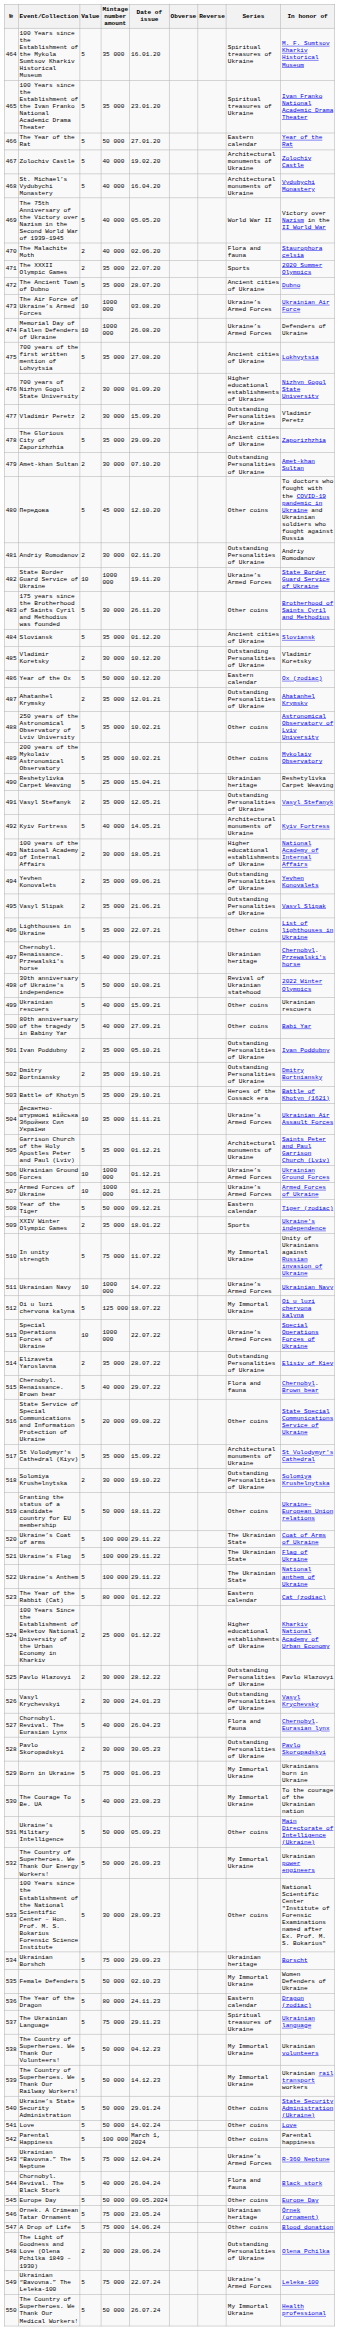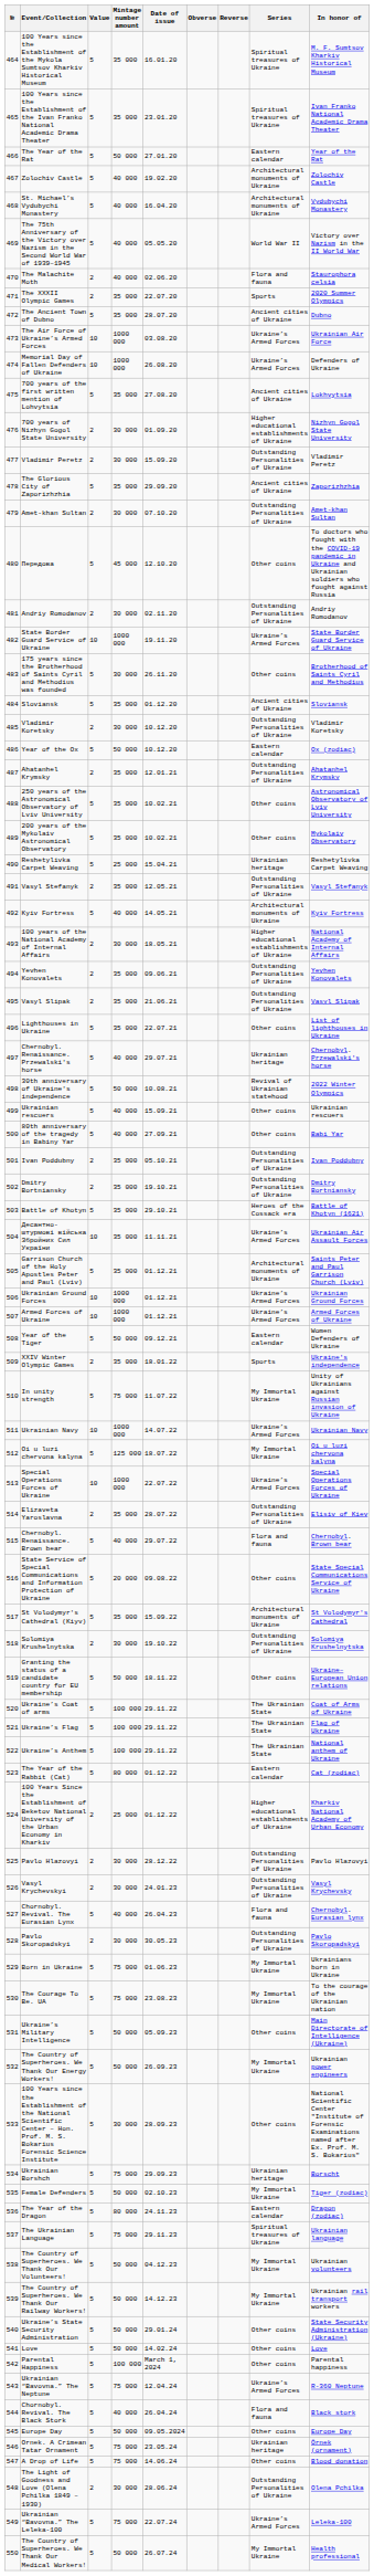 <table class="wikitable sortable" border="1">
 <tr>
 <th>№</th>
 <th>Event/Collection</th>
 <th>Value</th>
 <th>Mintage number amount</th>
 <th>Date of issue</th>
 <th>Obverse</th>
 <th>Reverse</th>
 <th>Series</th>
 <th>In honor of</th>
 </tr>
 <tr>
 <td>464</td>
 <td>100 Years since the Establishment of the Mykola Sumtsov Kharkiv Historical Museum</td>
 <td>5</td>
 <td>35 000</td>
 <td>16.01.20</td>
 <td></td>
 <td></td>
 <td>Spiritual treasures of Ukraine</td>
 <td><a href='#'>M. F. Sumtsov Kharkiv Historical Museum</a></td>
 </tr>
 <tr>
 <td>465</td>
 <td>100 Years since the Establishment of the Ivan Franko National Academic Drama Theater</td>
 <td>5</td>
 <td>35 000</td>
 <td>23.01.20</td>
 <td></td>
 <td></td>
 <td>Spiritual treasures of Ukraine</td>
 <td><a href='#'>Ivan Franko National Academic Drama Theater</a></td>
 </tr>
 <tr>
 <td>466</td>
 <td>The Year of the Rat</td>
 <td>5</td>
 <td>50 000</td>
 <td>27.01.20</td>
 <td></td>
 <td></td>
 <td>Eastern calendar</td>
 <td><a href='#'>Year of the Rat</a></td>
 </tr>
 <tr>
 <td>467</td>
 <td>Zolochiv Castle</td>
 <td>5</td>
 <td>40 000</td>
 <td>19.02.20</td>
 <td></td>
 <td></td>
 <td>Architectural monuments of Ukraine</td>
 <td><a href='#'>Zolochiv Castle</a></td>
 </tr>
 <tr>
 <td>468</td>
 <td>St. Michael’s Vydubychi Monastery</td>
 <td>5</td>
 <td>40 000</td>
 <td>16.04.20</td>
 <td></td>
 <td></td>
 <td>Architectural monuments of Ukraine</td>
 <td><a href='#'>Vydubychi Monastery</a></td>
 </tr>
 <tr>
 <td>469</td>
 <td>The 75th Anniversary of the Victory over Nazism in the Second World War of 1939–1945</td>
 <td>5</td>
 <td>40 000</td>
 <td>05.05.20</td>
 <td></td>
 <td></td>
 <td>World War II</td>
 <td>Victory over <a href='#'>Nazism</a> in the <a href='#'>ІІ World War</a></td>
 </tr>
 <tr>
 <td>470</td>
 <td>The Malachite Moth</td>
 <td>2</td>
 <td>40 000</td>
 <td>02.06.20</td>
 <td></td>
 <td></td>
 <td>Flora and fauna</td>
 <td><a href='#'>Staurophora celsia</a></td>
 </tr>
 <tr>
 <td>471</td>
 <td>The ХХXІІ Olympic Games</td>
 <td>2</td>
 <td>35 000</td>
 <td>22.07.20</td>
 <td></td>
 <td></td>
 <td>Sports</td>
 <td><a href='#'>2020 Summer Olympics</a></td>
 </tr>
 <tr>
 <td>472</td>
 <td>The Ancient Town of Dubno</td>
 <td>5</td>
 <td>35 000</td>
 <td>28.07.20</td>
 <td></td>
 <td></td>
 <td>Ancient cities of Ukraine</td>
 <td><a href='#'>Dubno</a></td>
 </tr>
 <tr>
 <td>473</td>
 <td>The Air Force of Ukraine’s Armed Forces</td>
 <td>10</td>
 <td>1000 000</td>
 <td>03.08.20</td>
 <td></td>
 <td></td>
 <td>Ukraine’s Armed Forces</td>
 <td><a href='#'>Ukrainian Air Force</a></td>
 </tr>
 <tr>
 <td>474</td>
 <td>Memorial Day of Fallen Defenders of Ukraine</td>
 <td>10</td>
 <td>1000 000</td>
 <td>26.08.20</td>
 <td></td>
 <td></td>
 <td>Ukraine’s Armed Forces</td>
 <td>Defenders of Ukraine</td>
 </tr>
 <tr>
 <td>475</td>
 <td>700 years of the first written mention of Lohvytsia</td>
 <td>5</td>
 <td>35 000</td>
 <td>27.08.20</td>
 <td></td>
 <td></td>
 <td>Ancient cities of Ukraine</td>
 <td><a href='#'>Lokhvytsia</a></td>
 </tr>
 <tr>
 <td>476</td>
 <td>700 years of Nizhyn Gogol State University</td>
 <td>2</td>
 <td>30 000</td>
 <td>01.09.20</td>
 <td></td>
 <td></td>
 <td>Higher educational establishments of Ukraine</td>
 <td><a href='#'>Nizhyn Gogol State University</a></td>
 </tr>
 <tr>
 <td>477</td>
 <td>Vladimir Peretz</td>
 <td>2</td>
 <td>30 000</td>
 <td>15.09.20</td>
 <td></td>
 <td></td>
 <td>Outstanding Personalities of Ukraine</td>
 <td>Vladimir Peretz</td>
 </tr>
 <tr>
 <td>478</td>
 <td>The Glorious City of Zaporizhzhia</td>
 <td>5</td>
 <td>35 000</td>
 <td>29.09.20</td>
 <td></td>
 <td></td>
 <td>Ancient cities of Ukraine</td>
 <td><a href='#'>Zaporizhzhia</a></td>
 </tr>
 <tr>
 <td>479</td>
 <td>Amet-khan Sultan</td>
 <td>2</td>
 <td>30 000</td>
 <td>07.10.20</td>
 <td></td>
 <td></td>
 <td>Outstanding Personalities of Ukraine</td>
 <td><a href='#'>Amet-khan Sultan</a></td>
 </tr>
 <tr>
 <td>480</td>
 <td>Передова</td>
 <td>5</td>
 <td>45 000</td>
 <td>12.10.20</td>
 <td></td>
 <td></td>
 <td>Other coins</td>
 <td>To doctors who fought with the <a href='#'>COVID-19 pandemic in Ukraine</a> and  Ukrainian soldiers who fought against Russia</td>
 </tr>
 <tr>
 <td>481</td>
 <td>Andriy Romodanov</td>
 <td>2</td>
 <td>30 000</td>
 <td>02.11.20</td>
 <td></td>
 <td></td>
 <td>Outstanding Personalities of Ukraine</td>
 <td>Andriy Romodanov</td>
 </tr>
 <tr>
 <td>482</td>
 <td>State Border Guard Service of Ukraine</td>
 <td>10</td>
 <td>1000 000</td>
 <td>19.11.20</td>
 <td></td>
 <td></td>
 <td>Ukraine’s Armed Forces</td>
 <td><a href='#'>State Border Guard Service of Ukraine</a></td>
 </tr>
 <tr>
 <td>483</td>
 <td>175 years since the Brotherhood of Saints Cyril and Methodius was founded</td>
 <td>5</td>
 <td>30 000</td>
 <td>26.11.20</td>
 <td></td>
 <td></td>
 <td>Other coins</td>
 <td><a href='#'>Brotherhood of Saints Cyril and Methodius</a></td>
 </tr>
 <tr>
 <td>484</td>
 <td>Sloviansk</td>
 <td>5</td>
 <td>35 000</td>
 <td>01.12.20</td>
 <td></td>
 <td></td>
 <td>Ancient cities of Ukraine</td>
 <td><a href='#'>Sloviansk</a></td>
 </tr>
 <tr>
 <td>485</td>
 <td>Vladimir Koretsky</td>
 <td>2</td>
 <td>30 000</td>
 <td>10.12.20</td>
 <td></td>
 <td></td>
 <td>Outstanding Personalities of Ukraine</td>
 <td>Vladimir Koretsky</td>
 </tr>
 <tr>
 <td>486</td>
 <td>Year of the Ox</td>
 <td>5</td>
 <td>50 000</td>
 <td>10.12.20</td>
 <td></td>
 <td></td>
 <td>Eastern calendar</td>
 <td><a href='#'>Ox (zodiac)</a></td>
 </tr>
 <tr>
 <td>487</td>
 <td>Ahatanhel Krymsky</td>
 <td>2</td>
 <td>35 000</td>
 <td>12.01.21</td>
 <td></td>
 <td></td>
 <td>Outstanding Personalities of Ukraine</td>
 <td><a href='#'>Ahatanhel Krymsky</a></td>
 </tr>
 <tr>
 <td>488</td>
 <td>250 years of the Astronomical Observatory of Lviv University</td>
 <td>5</td>
 <td>35 000</td>
 <td>10.02.21</td>
 <td></td>
 <td></td>
 <td>Other coins</td>
 <td><a href='#'>Astronomical Observatory of Lviv University</a></td>
 </tr>
 <tr>
 <td>489</td>
 <td>200 years of the Mykolaiv Astronomical Observatory</td>
 <td>5</td>
 <td>35 000</td>
 <td>10.02.21</td>
 <td></td>
 <td></td>
 <td>Other coins</td>
 <td><a href='#'>Mykolaiv Observatory</a></td>
 </tr>
 <tr>
 <td>490</td>
 <td>Reshetylivka Carpet Weaving</td>
 <td>5</td>
 <td>25 000</td>
 <td>15.04.21</td>
 <td></td>
 <td></td>
 <td>Ukrainian heritage</td>
 <td>Reshetylivka Carpet Weaving</td>
 </tr>
 <tr>
 <td>491</td>
 <td>Vasyl Stefanyk</td>
 <td>2</td>
 <td>35 000</td>
 <td>12.05.21</td>
 <td></td>
 <td></td>
 <td>Outstanding Personalities of Ukraine</td>
 <td><a href='#'>Vasyl Stefanyk</a></td>
 </tr>
 <tr>
 <td>492</td>
 <td>Kyiv Fortress</td>
 <td>5</td>
 <td>40 000</td>
 <td>14.05.21</td>
 <td></td>
 <td></td>
 <td>Architectural monuments of Ukraine</td>
 <td><a href='#'>Kyiv Fortress</a></td>
 </tr>
 <tr>
 <td>493</td>
 <td>100 years of the National Academy of Internal Affairs</td>
 <td>2</td>
 <td>30 000</td>
 <td>18.05.21</td>
 <td></td>
 <td></td>
 <td>Higher educational establishments of Ukraine</td>
 <td><a href='#'>National Academy of Internal Affairs</a></td>
 </tr>
 <tr>
 <td>494</td>
 <td>Yevhen Konovalets</td>
 <td>2</td>
 <td>35 000</td>
 <td>09.06.21</td>
 <td></td>
 <td></td>
 <td>Outstanding Personalities of Ukraine</td>
 <td><a href='#'>Yevhen Konovalets</a></td>
 </tr>
 <tr>
 <td>495</td>
 <td>Vasyl Slipak</td>
 <td>2</td>
 <td>35 000</td>
 <td>21.06.21</td>
 <td></td>
 <td></td>
 <td>Outstanding Personalities of Ukraine</td>
 <td><a href='#'>Vasyl Slipak</a></td>
 </tr>
 <tr>
 <td>496</td>
 <td>Lighthouses in Ukraine</td>
 <td>5</td>
 <td>35 000</td>
 <td>22.07.21</td>
 <td></td>
 <td></td>
 <td>Other coins</td>
 <td><a href='#'>List of lighthouses in Ukraine</a></td>
 </tr>
 <tr>
 <td>497</td>
 <td>Chernobyl. Renaissance. Przewalski's horse</td>
 <td>5</td>
 <td>40 000</td>
 <td>29.07.21</td>
 <td></td>
 <td></td>
 <td>Ukrainian heritage</td>
 <td><a href='#'>Chernobyl</a>. <a href='#'>Przewalski's horse</a></td>
 </tr>
 <tr>
 <td>498</td>
 <td>30th anniversary of Ukraine's independence</td>
 <td>5</td>
 <td>50 000</td>
 <td>10.08.21</td>
 <td></td>
 <td></td>
 <td>Revival of Ukrainian statehood</td>
 <td><a href='#'>2022 Winter Olympics</a></td>
 </tr>
 <tr>
 <td>499</td>
 <td>Ukrainian rescuers</td>
 <td>5</td>
 <td>40 000</td>
 <td>15.09.21</td>
 <td></td>
 <td></td>
 <td>Other coins</td>
 <td>Ukrainian rescuers</td>
 </tr>
 <tr>
 <td>500</td>
 <td>80th anniversary of the tragedy in Babiny Yar</td>
 <td>5</td>
 <td>40 000</td>
 <td>27.09.21</td>
 <td></td>
 <td></td>
 <td>Other coins</td>
 <td><a href='#'>Babi Yar</a></td>
 </tr>
 <tr>
 <td>501</td>
 <td>Ivan Poddubny</td>
 <td>2</td>
 <td>35 000</td>
 <td>05.10.21</td>
 <td></td>
 <td></td>
 <td>Outstanding Personalities of Ukraine</td>
 <td><a href='#'>Ivan Poddubny</a></td>
 </tr>
 <tr>
 <td>502</td>
 <td>Dmitry Bortniansky</td>
 <td>2</td>
 <td>35 000</td>
 <td>19.10.21</td>
 <td></td>
 <td></td>
 <td>Outstanding Personalities of Ukraine</td>
 <td><a href='#'>Dmitry Bortniansky</a></td>
 </tr>
 <tr>
 <td>503</td>
 <td>Battle of Khotyn</td>
 <td>5</td>
 <td>35 000</td>
 <td>29.10.21</td>
 <td></td>
 <td></td>
 <td>Heroes of the Cossack era</td>
 <td><a href='#'>Battle of Khotyn (1621)</a></td>
 </tr>
 <tr>
 <td>504</td>
 <td>Десантно-штурмові війська Збройних Сил України</td>
 <td>10</td>
 <td>35 000</td>
 <td>11.11.21</td>
 <td></td>
 <td></td>
 <td>Ukraine’s Armed Forces</td>
 <td><a href='#'>Ukrainian Air Assault Forces</a></td>
 </tr>
 <tr>
 <td>505</td>
 <td>Garrison Church of the Holy Apostles Peter and Paul (Lviv)</td>
 <td>5</td>
 <td>35 000</td>
 <td>01.12.21</td>
 <td></td>
 <td></td>
 <td>Architectural monuments of Ukraine</td>
 <td><a href='#'>Saints Peter and Paul Garrison Church (Lviv)</a></td>
 </tr>
 <tr>
 <td>506</td>
 <td>Ukrainian Ground Forces</td>
 <td>10</td>
 <td>1000 000</td>
 <td>01.12.21</td>
 <td></td>
 <td></td>
 <td>Ukraine’s Armed Forces</td>
 <td><a href='#'>Ukrainian Ground Forces</a></td>
 </tr>
 <tr>
 <td>507</td>
 <td>Armed Forces of Ukraine</td>
 <td>10</td>
 <td>1000 000</td>
 <td>01.12.21</td>
 <td></td>
 <td></td>
 <td>Ukraine’s Armed Forces</td>
 <td><a href='#'>Armed Forces of Ukraine</a></td>
 </tr>
 <tr>
 <td>508</td>
 <td>Year of the Tiger</td>
 <td>5</td>
 <td>50 000</td>
 <td>09.12.21</td>
 <td></td>
 <td></td>
 <td>Eastern calendar</td>
-<td><a href='#'>Tiger (zodiac)</a></td>
+<td>Women Defenders of Ukraine</td>
 </tr>
 <tr>
 <td>509</td>
 <td>XXIV Winter Olympic Games</td>
 <td>2</td>
 <td>35 000</td>
 <td>18.01.22</td>
 <td></td>
 <td></td>
 <td>Sports</td>
 <td><a href='#'>Ukraine's independence</a></td>
 </tr>
 <tr>
 <td>510</td>
 <td>In unity strength</td>
 <td>5</td>
 <td>75 000</td>
 <td>11.07.22</td>
 <td></td>
 <td></td>
 <td>My Immortal Ukraine</td>
 <td>Unity of Ukrainians against <a href='#'>Russian invasion of Ukraine</a></td>
 </tr>
 <tr>
 <td>511</td>
 <td>Ukrainian Navy</td>
 <td>10</td>
 <td>1000 000</td>
 <td>14.07.22</td>
 <td></td>
 <td></td>
 <td>Ukraine’s Armed Forces</td>
 <td><a href='#'>Ukrainian Navy</a></td>
 </tr>
 <tr>
 <td>512</td>
 <td>Oi u luzi chervona kalyna</td>
 <td>5</td>
 <td>125 000</td>
 <td>18.07.22</td>
 <td></td>
 <td></td>
 <td>My Immortal Ukraine</td>
 <td><a href='#'>Oi u luzi chervona kalyna</a></td>
 </tr>
 <tr>
 <td>513</td>
 <td>Special Operations Forces of Ukraine</td>
 <td>10</td>
 <td>1000 000</td>
 <td>22.07.22</td>
 <td></td>
 <td></td>
 <td>Ukraine’s Armed Forces</td>
 <td><a href='#'>Special Operations Forces of Ukraine</a></td>
 </tr>
 <tr>
 <td>514</td>
 <td>Elizaveta Yaroslavna</td>
 <td>2</td>
 <td>35 000</td>
 <td>28.07.22</td>
 <td></td>
 <td></td>
 <td>Outstanding Personalities of Ukraine</td>
 <td><a href='#'>Elisiv of Kiev</a></td>
 </tr>
 <tr>
 <td>515</td>
 <td>Chernobyl. Renaissance.  Brown bear</td>
 <td>5</td>
 <td>40 000</td>
 <td>29.07.22</td>
 <td></td>
 <td></td>
 <td>Flora and fauna</td>
 <td><a href='#'>Chernobyl</a>. <a href='#'>Brown bear</a></td>
 </tr>
 <tr>
 <td>516</td>
 <td>State Service of Special Communications and Information Protection of Ukraine</td>
 <td>5</td>
 <td>20 000</td>
 <td>09.08.22</td>
 <td></td>
 <td></td>
 <td>Other coins</td>
 <td><a href='#'>State Special Communications Service of Ukraine</a></td>
 </tr>
 <tr>
 <td>517</td>
 <td>St Volodymyr's Cathedral (Kiyv)</td>
 <td>5</td>
 <td>35 000</td>
 <td>15.09.22</td>
 <td></td>
 <td></td>
 <td>Architectural monuments of Ukraine</td>
 <td><a href='#'>St Volodymyr's Cathedral</a></td>
 </tr>
 <tr>
 <td>518</td>
 <td>Solomiya Krushelnytska</td>
 <td>2</td>
 <td>30 000</td>
 <td>19.10.22</td>
 <td></td>
 <td></td>
 <td>Outstanding Personalities of Ukraine</td>
 <td><a href='#'>Solomiya Krushelnytska</a></td>
 </tr>
 <tr>
 <td>519</td>
 <td>Granting the status of a candidate country for EU membership</td>
 <td>5</td>
 <td>50 000</td>
 <td>18.11.22</td>
 <td></td>
 <td></td>
 <td>Other coins</td>
 <td><a href='#'>Ukraine–European Union relations</a></td>
 </tr>
 <tr>
 <td>520</td>
 <td>Ukraine’s Coat of arms</td>
 <td>5</td>
 <td>100 000</td>
 <td>29.11.22</td>
 <td></td>
 <td></td>
 <td>The Ukrainian State</td>
 <td><a href='#'>Coat of Arms of Ukraine</a></td>
 </tr>
 <tr>
 <td>521</td>
 <td>Ukraine’s Flag</td>
 <td>5</td>
 <td>100 000</td>
 <td>29.11.22</td>
 <td></td>
 <td></td>
 <td>The Ukrainian State</td>
 <td><a href='#'>Flag of Ukraine</a></td>
 </tr>
 <tr>
 <td>522</td>
 <td>Ukraine’s Anthem</td>
 <td>5</td>
 <td>100 000</td>
 <td>29.11.22</td>
 <td></td>
 <td></td>
 <td>The Ukrainian State</td>
 <td><a href='#'>National anthem of Ukraine</a></td>
 </tr>
 <tr>
 <td>523</td>
 <td>The Year of the Rabbit (Cat)</td>
 <td>5</td>
 <td>80 000</td>
 <td>01.12.22</td>
 <td></td>
 <td></td>
 <td>Eastern calendar</td>
 <td><a href='#'>Cat (zodiac)</a></td>
 </tr>
 <tr>
 <td>524</td>
 <td>100 Years Since the Establishment of Beketov National University of the Urban Economy in Kharkiv</td>
 <td>2</td>
 <td>25 000</td>
 <td>01.12.22</td>
 <td></td>
 <td></td>
 <td>Higher educational establishments of Ukraine</td>
 <td><a href='#'>Kharkiv National Academy of Urban Economy</a></td>
 </tr>
 <tr>
 <td>525</td>
 <td>Pavlo Hlazovyi</td>
 <td>2</td>
 <td>30 000</td>
 <td>28.12.22</td>
 <td></td>
 <td></td>
 <td>Outstanding Personalities of Ukraine</td>
 <td>Pavlo Hlazovyi</td>
 </tr>
 <tr>
 <td>526</td>
 <td>Vasyl Krychevskyi</td>
 <td>2</td>
 <td>30 000</td>
 <td>24.01.23</td>
 <td></td>
 <td></td>
 <td>Outstanding Personalities of Ukraine</td>
 <td><a href='#'>Vasyl Krychevsky</a></td>
 </tr>
 <tr>
 <td>527</td>
 <td>Chornobyl. Revival. The Eurasian Lynx</td>
 <td>5</td>
 <td>40 000</td>
 <td>26.04.23</td>
 <td></td>
 <td></td>
 <td>Flora and fauna</td>
 <td><a href='#'>Chernobyl</a>. <a href='#'>Eurasian lynx</a></td>
 </tr>
 <tr>
 <td>528</td>
 <td>Pavlo Skoropadskyi</td>
 <td>2</td>
 <td>30 000</td>
 <td>30.05.23</td>
 <td></td>
 <td></td>
 <td>Outstanding Personalities of Ukraine</td>
 <td><a href='#'>Pavlo Skoropadskyi</a></td>
 </tr>
 <tr>
 <td>529</td>
 <td>Born in Ukraine</td>
 <td>5</td>
 <td>75 000</td>
 <td>01.06.23</td>
 <td></td>
 <td></td>
 <td>My Immortal Ukraine</td>
 <td>Ukrainians born in Ukraine</td>
 </tr>
 <tr>
 <td>530</td>
 <td>The Courage To Be. UA</td>
 <td>5</td>
-<td>40 000</td>
+<td>75 000</td>
 <td>23.08.23</td>
 <td></td>
 <td></td>
 <td>My Immortal Ukraine</td>
 <td>To the courage of the Ukrainian nation</td>
 </tr>
 <tr>
 <td>531</td>
 <td>Ukraine’s Military Intelligence</td>
 <td>5</td>
 <td>50 000</td>
 <td>05.09.23</td>
 <td></td>
 <td></td>
 <td>Other coins</td>
 <td><a href='#'>Main Directorate of Intelligence (Ukraine)</a></td>
 </tr>
 <tr>
 <td>532</td>
 <td>The Country of Superheroes. We Thank Our Energy Workers!</td>
 <td>5</td>
 <td>50 000</td>
 <td>26.09.23</td>
 <td></td>
 <td></td>
 <td>My Immortal Ukraine</td>
 <td>Ukrainian <a href='#'>power engineers</a></td>
 </tr>
 <tr>
 <td>533</td>
 <td>100 Years since the Establishment of the National Scientific Center – Hon. Prof. M. S. Bokarius Forensic Science Institute</td>
 <td>5</td>
 <td>30 000</td>
 <td>28.09.23</td>
 <td></td>
 <td></td>
 <td>Other coins</td>
 <td>National Scientific Center "Institute of Forensic Examinations named after Ex. Prof. M. S. Bokarius"</td>
 </tr>
 <tr>
 <td>534</td>
 <td>Ukrainian Borshch</td>
 <td>5</td>
 <td>75 000</td>
 <td>29.09.23</td>
 <td></td>
 <td></td>
 <td>Ukrainian heritage</td>
 <td><a href='#'>Borscht</a></td>
 </tr>
 <tr>
 <td>535</td>
 <td>Female Defenders</td>
 <td>5</td>
 <td>50 000</td>
 <td>02.10.23</td>
 <td></td>
 <td></td>
 <td>My Immortal Ukraine</td>
-<td>Women Defenders of Ukraine</td>
+<td><a href='#'>Tiger (zodiac)</a></td>
 </tr>
 <tr>
 <td>536</td>
 <td>The Year of the Dragon</td>
 <td>5</td>
 <td>80 000</td>
 <td>24.11.23</td>
 <td></td>
 <td></td>
 <td>Eastern calendar</td>
 <td><a href='#'>Dragon (zodiac)</a></td>
 </tr>
 <tr>
 <td>537</td>
 <td>The Ukrainian Language</td>
 <td>5</td>
 <td>75 000</td>
 <td>29.11.23</td>
 <td></td>
 <td></td>
 <td>Spiritual treasures of Ukraine</td>
 <td><a href='#'>Ukrainian language</a></td>
 </tr>
 <tr>
 <td>538</td>
 <td>The Country of Superheroes. We Thank Our Volunteers!</td>
 <td>5</td>
 <td>50 000</td>
 <td>04.12.23</td>
 <td></td>
 <td></td>
 <td>My Immortal Ukraine</td>
 <td>Ukrainian <a href='#'>volunteers</a></td>
 </tr>
 <tr>
 <td>539</td>
 <td>The Country of Superheroes. We Thank Our Railway Workers!</td>
 <td>5</td>
 <td>50 000</td>
 <td>14.12.23</td>
 <td></td>
 <td></td>
 <td>My Immortal Ukraine</td>
 <td>Ukrainian <a href='#'>rail transport</a> workers</td>
 </tr>
 <tr>
 <td>540</td>
 <td>Ukraine’s State Security Administration</td>
 <td>5</td>
 <td>50 000</td>
 <td>29.01.24</td>
 <td></td>
 <td></td>
 <td>Other coins</td>
 <td><a href='#'>State Security Administration (Ukraine)</a></td>
 </tr>
 <tr>
 <td>541</td>
 <td>Love</td>
 <td>5</td>
 <td>50 000</td>
 <td>14.02.24</td>
 <td></td>
 <td></td>
 <td>Other coins</td>
 <td><a href='#'>Love</a></td>
 </tr>
 <tr>
 <td>542</td>
 <td>Parental Happiness</td>
 <td>5</td>
 <td>100 000</td>
 <td>March 1, 2024</td>
 <td></td>
 <td></td>
 <td>Other coins</td>
 <td>Parental happiness</td>
 </tr>
 <tr>
 <td>543</td>
 <td>Ukrainian “Bavovna.” The Neptune</td>
 <td>5</td>
 <td>75 000</td>
 <td>12.04.24</td>
 <td></td>
 <td></td>
 <td>Ukraine’s Armed Forces</td>
 <td><a href='#'>R-360 Neptune</a></td>
 </tr>
 <tr>
 <td>544</td>
 <td>Chornobyl. Revival. The Black Stork</td>
 <td>5</td>
 <td>40 000</td>
 <td>26.04.24</td>
 <td></td>
 <td></td>
 <td>Flora and fauna</td>
 <td><a href='#'>Black stork</a></td>
 </tr>
 <tr>
 <td>545</td>
 <td>Europe Day</td>
 <td>5</td>
 <td>50 000</td>
 <td>09.05.2024</td>
 <td></td>
 <td></td>
 <td>Other coins</td>
 <td><a href='#'>Europe Day</a></td>
 </tr>
 <tr>
 <td>546</td>
 <td>Ornek. A Crimean Tatar Ornament</td>
 <td>5</td>
 <td>75 000</td>
 <td>23.05.24</td>
 <td></td>
 <td></td>
 <td>Ukrainian heritage</td>
 <td><a href='#'>Örnek (ornament)</a></td>
 </tr>
 <tr>
 <td>547</td>
 <td>A Drop of Life</td>
 <td>5</td>
 <td>75 000</td>
 <td>14.06.24</td>
 <td></td>
 <td></td>
 <td>Other coins</td>
 <td><a href='#'>Blood donation</a></td>
 </tr>
 <tr>
 <td>548</td>
 <td>The Light of Goodness and Love (Olena Pchilka 1849 – 1930)</td>
 <td>2</td>
 <td>30 000</td>
 <td>28.06.24</td>
 <td></td>
 <td></td>
 <td>Outstanding Personalities of Ukraine</td>
 <td><a href='#'>Olena Pchilka</a></td>
 </tr>
 <tr>
 <td>549</td>
 <td>Ukrainian “Bavovna.” The Leleka-100</td>
 <td>5</td>
 <td>75 000</td>
 <td>22.07.24</td>
 <td></td>
 <td></td>
 <td>Ukraine’s Armed Forces</td>
 <td><a href='#'>Leleka-100</a></td>
 </tr>
 <tr>
 <td>550</td>
 <td>The Country of Superheroes. We Thank Our Medical Workers!</td>
 <td>5</td>
 <td>50 000</td>
 <td>26.07.24</td>
 <td></td>
 <td></td>
 <td>My Immortal Ukraine</td>
 <td><a href='#'>Health professional</a></td>
 </tr>
 </table>
